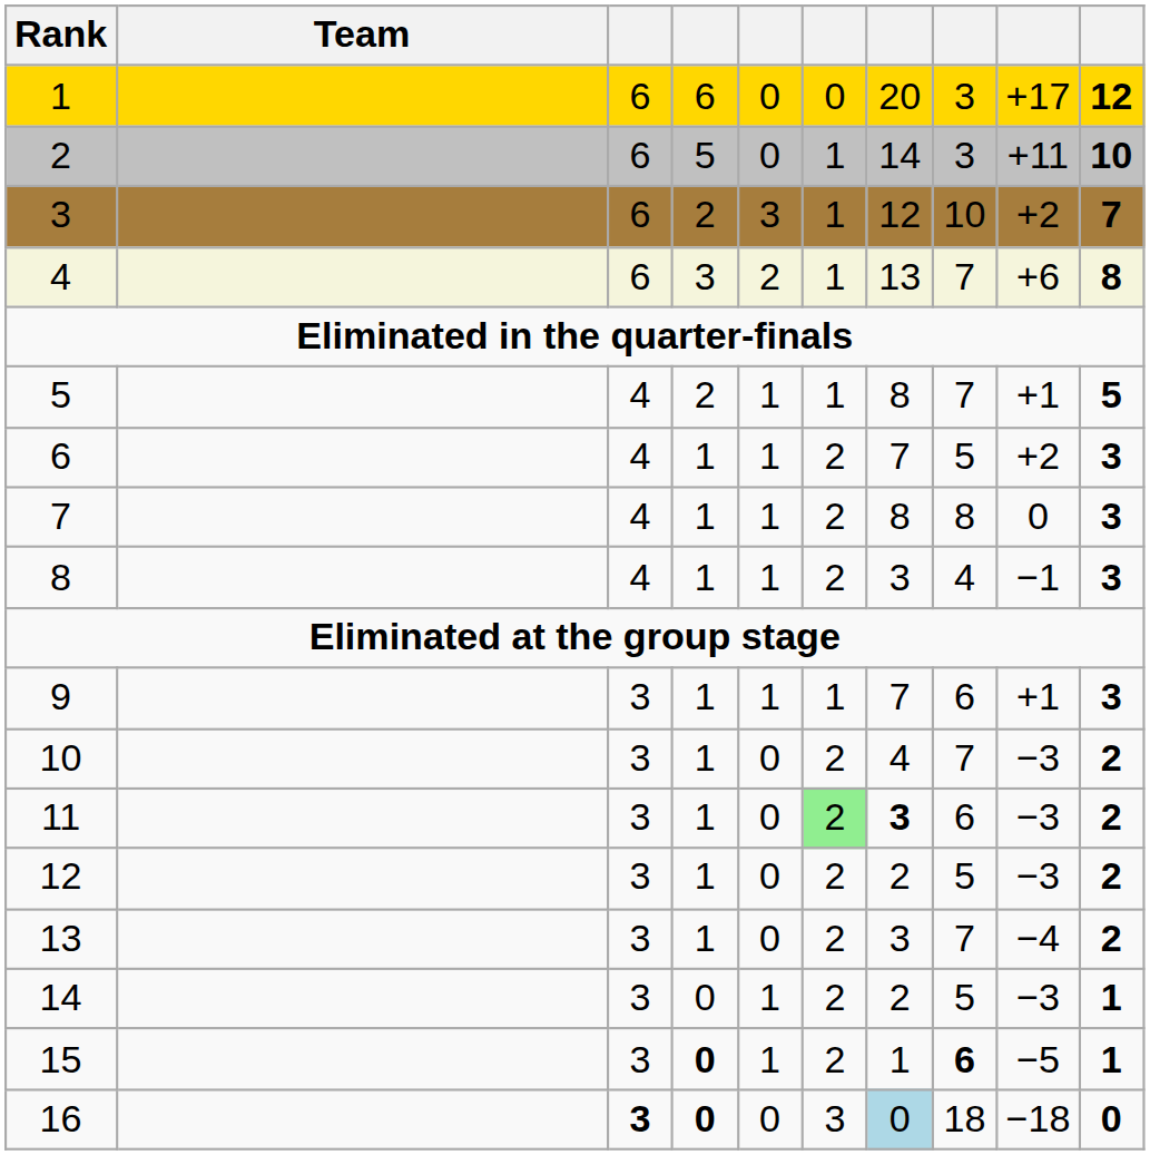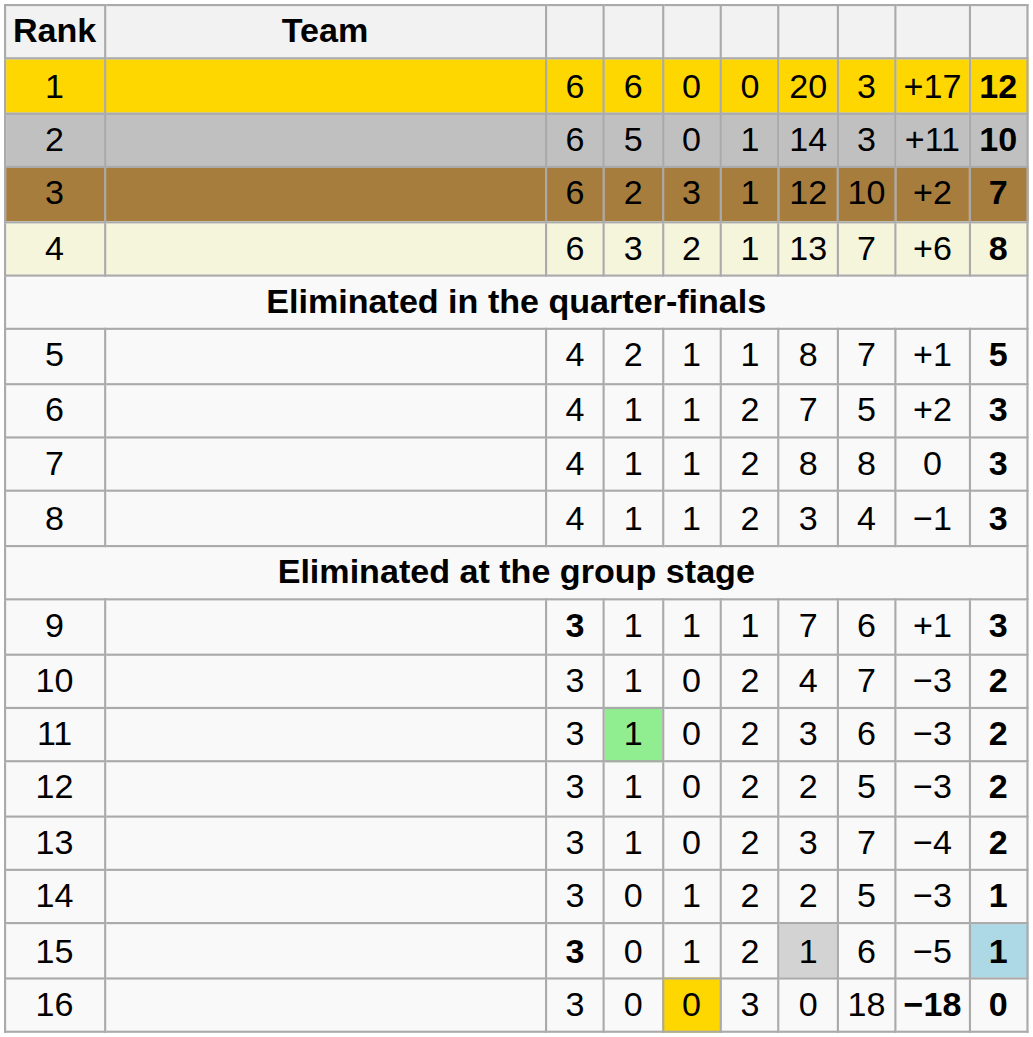 <table class="wikitable" style="text-align:center">
 <tr>
 <th width=20>Rank</th>
 <th width=200>Team</th>
 <th width="20"></th>
 <th width="20"></th>
 <th width="20"></th>
 <th width="20"></th>
 <th width="20"></th>
 <th width="20"></th>
 <th width="20"></th>
 <th width="20"></th>
 </tr>
 <tr style="background:gold;">
 <td>1</td>
 <td style="text-align:left;"></td>
 <td>6</td>
 <td>6</td>
 <td>0</td>
 <td>0</td>
 <td>20</td>
 <td>3</td>
 <td>+17</td>
 <td><strong>12</strong></td>
 </tr>
 <tr style="background:silver;">
 <td>2</td>
 <td style="text-align:left;"></td>
 <td>6</td>
 <td>5</td>
 <td>0</td>
 <td>1</td>
 <td>14</td>
 <td>3</td>
 <td>+11</td>
 <td><strong>10</strong></td>
 </tr>
 <tr style="background:#a67d3d;">
 <td>3</td>
 <td style="text-align:left;"></td>
 <td>6</td>
 <td>2</td>
 <td>3</td>
 <td>1</td>
 <td>12</td>
 <td>10</td>
 <td>+2</td>
 <td><strong>7</strong></td>
 </tr>
 <tr style="background:beige;">
 <td>4</td>
 <td style="text-align:left;"></td>
 <td>6</td>
 <td>3</td>
 <td>2</td>
 <td>1</td>
 <td>13</td>
 <td>7</td>
 <td>+6</td>
 <td><strong>8</strong></td>
 </tr>
 <tr>
 <td colspan="11"><strong>Eliminated in the quarter-finals</strong></td>
 </tr>
 <tr>
 <td>5</td>
 <td style="text-align:left;"></td>
 <td>4</td>
 <td>2</td>
 <td>1</td>
 <td>1</td>
 <td>8</td>
 <td>7</td>
 <td>+1</td>
 <td><strong>5</strong></td>
 </tr>
 <tr>
 <td>6</td>
 <td style="text-align:left;"></td>
 <td>4</td>
 <td>1</td>
 <td>1</td>
 <td>2</td>
 <td>7</td>
 <td>5</td>
 <td>+2</td>
 <td><strong>3</strong></td>
 </tr>
 <tr>
 <td>7</td>
 <td style="text-align:left;"></td>
 <td>4</td>
 <td>1</td>
 <td>1</td>
 <td>2</td>
 <td>8</td>
 <td>8</td>
 <td>0</td>
 <td><strong>3</strong></td>
 </tr>
 <tr>
 <td>8</td>
 <td style="text-align:left;"></td>
 <td>4</td>
 <td>1</td>
 <td>1</td>
 <td>2</td>
 <td>3</td>
 <td>4</td>
 <td>−1</td>
 <td><strong>3</strong></td>
 </tr>
 <tr>
 <td colspan="11"><strong>Eliminated at the group stage</strong></td>
 </tr>
 <tr>
 <td>9</td>
 <td style="text-align:left;"></td>
-<td>3</td>
+<td><strong>3</strong></td>
 <td>1</td>
 <td>1</td>
 <td>1</td>
 <td>7</td>
 <td>6</td>
 <td>+1</td>
 <td><strong>3</strong></td>
 </tr>
 <tr>
 <td>10</td>
 <td style="text-align:left;"></td>
 <td>3</td>
 <td>1</td>
 <td>0</td>
 <td>2</td>
 <td>4</td>
 <td>7</td>
 <td>−3</td>
 <td><strong>2</strong></td>
 </tr>
 <tr>
 <td>11</td>
 <td style="text-align:left;"></td>
 <td>3</td>
-<td>1</td>
+<td style="background: lightgreen;">1</td>
 <td>0</td>
-<td style="background: lightgreen;">2</td>
-<td><strong>3</strong></td>
+<td>2</td>
+<td>3</td>
 <td>6</td>
 <td>−3</td>
 <td><strong>2</strong></td>
 </tr>
 <tr>
 <td>12</td>
 <td style="text-align:left;"></td>
 <td>3</td>
 <td>1</td>
 <td>0</td>
 <td>2</td>
 <td>2</td>
 <td>5</td>
 <td>−3</td>
 <td><strong>2</strong></td>
 </tr>
 <tr>
 <td>13</td>
 <td style="text-align:left;"></td>
 <td>3</td>
 <td>1</td>
 <td>0</td>
 <td>2</td>
 <td>3</td>
 <td>7</td>
 <td>−4</td>
 <td><strong>2</strong></td>
 </tr>
 <tr>
 <td>14</td>
 <td style="text-align:left;"></td>
 <td>3</td>
 <td>0</td>
 <td>1</td>
 <td>2</td>
 <td>2</td>
 <td>5</td>
 <td>−3</td>
 <td><strong>1</strong></td>
 </tr>
 <tr>
 <td>15</td>
 <td style="text-align:left;"></td>
-<td>3</td>
-<td><strong>0</strong></td>
+<td><strong>3</strong></td>
+<td>0</td>
 <td>1</td>
 <td>2</td>
-<td>1</td>
-<td><strong>6</strong></td>
+<td style="background: lightgrey;">1</td>
+<td>6</td>
 <td>−5</td>
-<td><strong>1</strong></td>
+<td style="background: lightblue;"><strong>1</strong></td>
 </tr>
 <tr>
 <td>16</td>
 <td style="text-align:left;"></td>
-<td><strong>3</strong></td>
-<td><strong>0</strong></td>
+<td>3</td>
 <td>0</td>
+<td style="background: gold;">0</td>
 <td>3</td>
-<td style="background: lightblue;">0</td>
+<td>0</td>
 <td>18</td>
-<td>−18</td>
+<td><strong>−18</strong></td>
 <td><strong>0</strong></td>
 </tr>
 </table>
